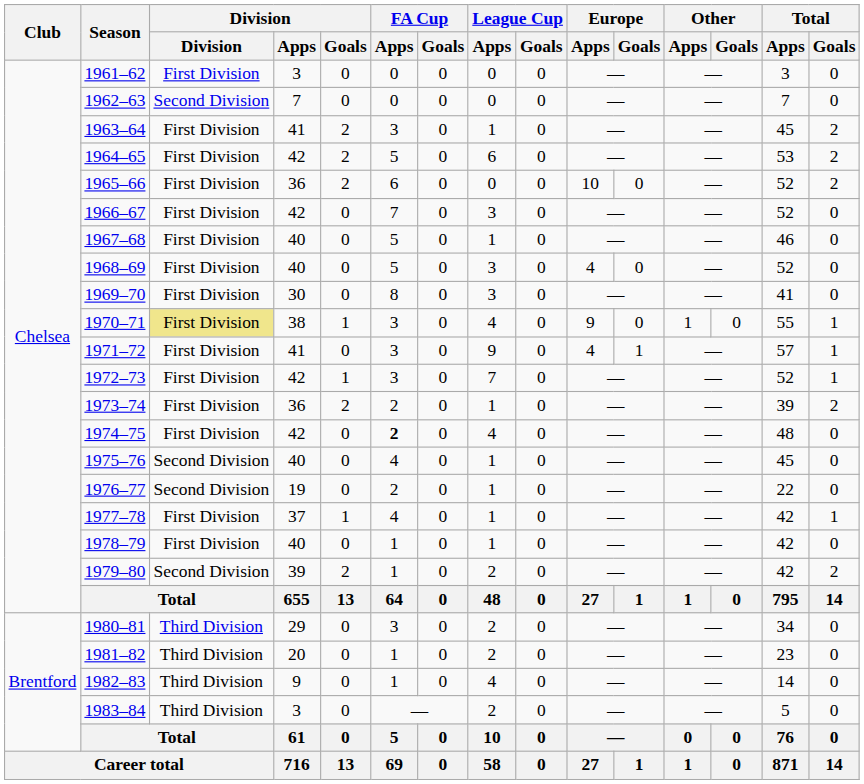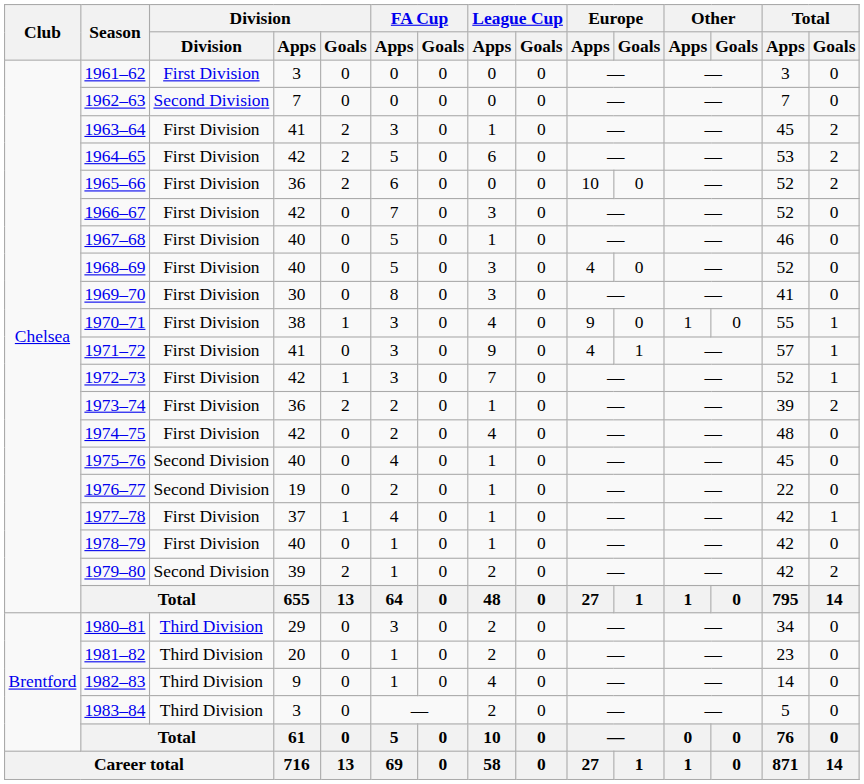 <table class="wikitable" style="text-align:center;">
 <tr>
 <th rowspan="2">Club</th>
 <th rowspan="2">Season</th>
 <th colspan="3">Division</th>
 <th colspan="2"><a href='#'>FA Cup</a></th>
 <th colspan="2"><a href='#'>League Cup</a></th>
 <th colspan="2">Europe</th>
 <th colspan="2">Other</th>
 <th colspan="2">Total</th>
 </tr>
 <tr>
 <th>Division</th>
 <th>Apps</th>
 <th>Goals</th>
 <th>Apps</th>
 <th>Goals</th>
 <th>Apps</th>
 <th>Goals</th>
 <th>Apps</th>
 <th>Goals</th>
 <th>Apps</th>
 <th>Goals</th>
 <th>Apps</th>
 <th>Goals</th>
 </tr>
 <tr>
 <td rowspan="20"><a href='#'>Chelsea</a></td>
 <td><a href='#'>1961–62</a></td>
 <td><a href='#'>First Division</a></td>
 <td>3</td>
 <td>0</td>
 <td>0</td>
 <td>0</td>
 <td>0</td>
 <td>0</td>
 <td colspan="2">—</td>
 <td colspan="2">—</td>
 <td>3</td>
 <td>0</td>
 </tr>
 <tr>
 <td><a href='#'>1962–63</a></td>
 <td><a href='#'>Second Division</a></td>
 <td>7</td>
 <td>0</td>
 <td>0</td>
 <td>0</td>
 <td>0</td>
 <td>0</td>
 <td colspan="2">—</td>
 <td colspan="2">—</td>
 <td>7</td>
 <td>0</td>
 </tr>
 <tr>
 <td><a href='#'>1963–64</a></td>
 <td>First Division</td>
 <td>41</td>
 <td>2</td>
 <td>3</td>
 <td>0</td>
 <td>1</td>
 <td>0</td>
 <td colspan="2">—</td>
 <td colspan="2">—</td>
 <td>45</td>
 <td>2</td>
 </tr>
 <tr>
 <td><a href='#'>1964–65</a></td>
 <td>First Division</td>
 <td>42</td>
 <td>2</td>
 <td>5</td>
 <td>0</td>
 <td>6</td>
 <td>0</td>
 <td colspan="2">—</td>
 <td colspan="2">—</td>
 <td>53</td>
 <td>2</td>
 </tr>
 <tr>
 <td><a href='#'>1965–66</a></td>
 <td>First Division</td>
 <td>36</td>
 <td>2</td>
 <td>6</td>
 <td>0</td>
 <td>0</td>
 <td>0</td>
 <td>10</td>
 <td>0</td>
 <td colspan="2">—</td>
 <td>52</td>
 <td>2</td>
 </tr>
 <tr>
 <td><a href='#'>1966–67</a></td>
 <td>First Division</td>
 <td>42</td>
 <td>0</td>
 <td>7</td>
 <td>0</td>
 <td>3</td>
 <td>0</td>
 <td colspan="2">—</td>
 <td colspan="2">—</td>
 <td>52</td>
 <td>0</td>
 </tr>
 <tr>
 <td><a href='#'>1967–68</a></td>
 <td>First Division</td>
 <td>40</td>
 <td>0</td>
 <td>5</td>
 <td>0</td>
 <td>1</td>
 <td>0</td>
 <td colspan="2">—</td>
 <td colspan="2">—</td>
 <td>46</td>
 <td>0</td>
 </tr>
 <tr>
 <td><a href='#'>1968–69</a></td>
 <td>First Division</td>
 <td>40</td>
 <td>0</td>
 <td>5</td>
 <td>0</td>
 <td>3</td>
 <td>0</td>
 <td>4</td>
 <td>0</td>
 <td colspan="2">—</td>
 <td>52</td>
 <td>0</td>
 </tr>
 <tr>
 <td><a href='#'>1969–70</a></td>
 <td>First Division</td>
 <td>30</td>
 <td>0</td>
 <td>8</td>
 <td>0</td>
 <td>3</td>
 <td>0</td>
 <td colspan="2">—</td>
 <td colspan="2">—</td>
 <td>41</td>
 <td>0</td>
 </tr>
 <tr>
 <td><a href='#'>1970–71</a></td>
-<td style="background: khaki;">First Division</td>
+<td>First Division</td>
 <td>38</td>
 <td>1</td>
 <td>3</td>
 <td>0</td>
 <td>4</td>
 <td>0</td>
 <td>9</td>
 <td>0</td>
 <td>1</td>
 <td>0</td>
 <td>55</td>
 <td>1</td>
 </tr>
 <tr>
 <td><a href='#'>1971–72</a></td>
 <td>First Division</td>
 <td>41</td>
 <td>0</td>
 <td>3</td>
 <td>0</td>
 <td>9</td>
 <td>0</td>
 <td>4</td>
 <td>1</td>
 <td colspan="2">—</td>
 <td>57</td>
 <td>1</td>
 </tr>
 <tr>
 <td><a href='#'>1972–73</a></td>
 <td>First Division</td>
 <td>42</td>
 <td>1</td>
 <td>3</td>
 <td>0</td>
 <td>7</td>
 <td>0</td>
 <td colspan="2">—</td>
 <td colspan="2">—</td>
 <td>52</td>
 <td>1</td>
 </tr>
 <tr>
 <td><a href='#'>1973–74</a></td>
 <td>First Division</td>
 <td>36</td>
 <td>2</td>
 <td>2</td>
 <td>0</td>
 <td>1</td>
 <td>0</td>
 <td colspan="2">—</td>
 <td colspan="2">—</td>
 <td>39</td>
 <td>2</td>
 </tr>
 <tr>
 <td><a href='#'>1974–75</a></td>
 <td>First Division</td>
 <td>42</td>
 <td>0</td>
-<td><strong>2</strong></td>
+<td>2</td>
 <td>0</td>
 <td>4</td>
 <td>0</td>
 <td colspan="2">—</td>
 <td colspan="2">—</td>
 <td>48</td>
 <td>0</td>
 </tr>
 <tr>
 <td><a href='#'>1975–76</a></td>
 <td>Second Division</td>
 <td>40</td>
 <td>0</td>
 <td>4</td>
 <td>0</td>
 <td>1</td>
 <td>0</td>
 <td colspan="2">—</td>
 <td colspan="2">—</td>
 <td>45</td>
 <td>0</td>
 </tr>
 <tr>
 <td><a href='#'>1976–77</a></td>
 <td>Second Division</td>
 <td>19</td>
 <td>0</td>
 <td>2</td>
 <td>0</td>
 <td>1</td>
 <td>0</td>
 <td colspan="2">—</td>
 <td colspan="2">—</td>
 <td>22</td>
 <td>0</td>
 </tr>
 <tr>
 <td><a href='#'>1977–78</a></td>
 <td>First Division</td>
 <td>37</td>
 <td>1</td>
 <td>4</td>
 <td>0</td>
 <td>1</td>
 <td>0</td>
 <td colspan="2">—</td>
 <td colspan="2">—</td>
 <td>42</td>
 <td>1</td>
 </tr>
 <tr>
 <td><a href='#'>1978–79</a></td>
 <td>First Division</td>
 <td>40</td>
 <td>0</td>
 <td>1</td>
 <td>0</td>
 <td>1</td>
 <td>0</td>
 <td colspan="2">—</td>
 <td colspan="2">—</td>
 <td>42</td>
 <td>0</td>
 </tr>
 <tr>
 <td><a href='#'>1979–80</a></td>
 <td>Second Division</td>
 <td>39</td>
 <td>2</td>
 <td>1</td>
 <td>0</td>
 <td>2</td>
 <td>0</td>
 <td colspan="2">—</td>
 <td colspan="2">—</td>
 <td>42</td>
 <td>2</td>
 </tr>
 <tr>
 <th colspan="2">Total</th>
 <th>655</th>
 <th>13</th>
 <th>64</th>
 <th>0</th>
 <th>48</th>
 <th>0</th>
 <th>27</th>
 <th>1</th>
 <th>1</th>
 <th>0</th>
 <th>795</th>
 <th>14</th>
 </tr>
 <tr>
 <td rowspan="5"><a href='#'>Brentford</a></td>
 <td><a href='#'>1980–81</a></td>
 <td><a href='#'>Third Division</a></td>
 <td>29</td>
 <td>0</td>
 <td>3</td>
 <td>0</td>
 <td>2</td>
 <td>0</td>
 <td colspan="2">—</td>
 <td colspan="2">—</td>
 <td>34</td>
 <td>0</td>
 </tr>
 <tr>
 <td><a href='#'>1981–82</a></td>
 <td>Third Division</td>
 <td>20</td>
 <td>0</td>
 <td>1</td>
 <td>0</td>
 <td>2</td>
 <td>0</td>
 <td colspan="2">—</td>
 <td colspan="2">—</td>
 <td>23</td>
 <td>0</td>
 </tr>
 <tr>
 <td><a href='#'>1982–83</a></td>
 <td>Third Division</td>
 <td>9</td>
 <td>0</td>
 <td>1</td>
 <td>0</td>
 <td>4</td>
 <td>0</td>
 <td colspan="2">—</td>
 <td colspan="2">—</td>
 <td>14</td>
 <td>0</td>
 </tr>
 <tr>
 <td><a href='#'>1983–84</a></td>
 <td>Third Division</td>
 <td>3</td>
 <td>0</td>
 <td colspan="2">—</td>
 <td>2</td>
 <td>0</td>
 <td colspan="2">—</td>
 <td colspan="2">—</td>
 <td>5</td>
 <td>0</td>
 </tr>
 <tr>
 <th colspan="2">Total</th>
 <th>61</th>
 <th>0</th>
 <th>5</th>
 <th>0</th>
 <th>10</th>
 <th>0</th>
 <th colspan="2">—</th>
 <th>0</th>
 <th>0</th>
 <th>76</th>
 <th>0</th>
 </tr>
 <tr>
 <th colspan="3">Career total</th>
 <th>716</th>
 <th>13</th>
 <th>69</th>
 <th>0</th>
 <th>58</th>
 <th>0</th>
 <th>27</th>
 <th>1</th>
 <th>1</th>
 <th>0</th>
 <th>871</th>
 <th>14</th>
 </tr>
 </table>
